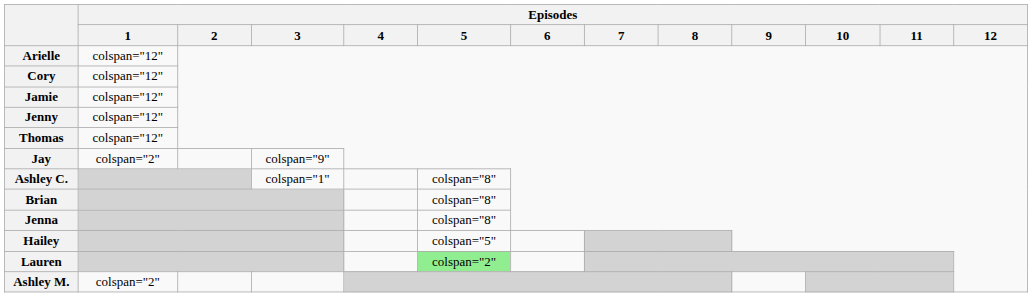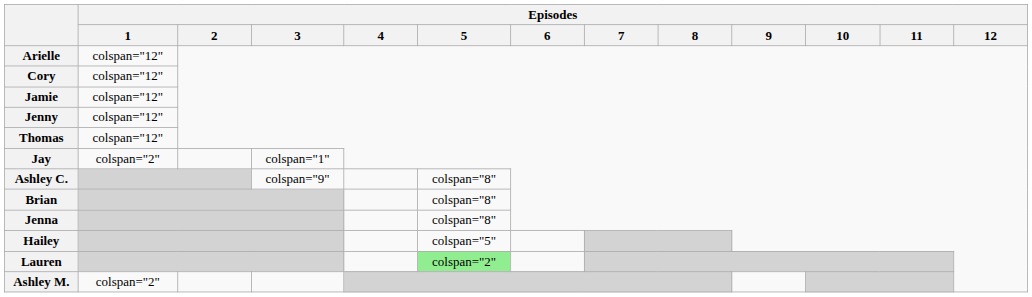 <table class="wikitable" style="text-align:center; width:100%">
 <tr>
 <th scope="col" rowspan="2" style="width:5%;"></th>
 <th scope="colgroup" colspan="12">Episodes</th>
 </tr>
 <tr>
 <th scope="col" style="width:5%;">1</th>
 <th scope="col" style="width:5%;">2</th>
 <th scope="col" style="width:5%;">3</th>
 <th scope="col" style="width:5%;">4</th>
 <th scope="col" style="width:5%;">5</th>
 <th scope="col" style="width:5%;">6</th>
 <th scope="col" style="width:5%;">7</th>
 <th scope="col" style="width:5%;">8</th>
 <th scope="col" style="width:5%;">9</th>
 <th scope="col" style="width:5%;">10</th>
 <th scope="col" style="width:5%;">11</th>
 <th scope="col" style="width:5%;">12</th>
 </tr>
 <tr>
 <th scope="row">Arielle</th>
 <td>colspan="12" </td>
 </tr>
 <tr>
 <th scope="row">Cory</th>
 <td>colspan="12" </td>
 </tr>
 <tr>
 <th scope="row">Jamie</th>
 <td>colspan="12" </td>
 </tr>
 <tr>
 <th scope="row">Jenny</th>
 <td>colspan="12" </td>
 </tr>
 <tr>
 <th scope="row">Thomas</th>
 <td>colspan="12" </td>
 </tr>
 <tr>
 <th scope="row">Jay</th>
 <td>colspan="2" </td>
 <td></td>
-<td>colspan="9" </td>
+<td>colspan="1" </td>
 </tr>
 <tr>
 <th scope="row">Ashley C.</th>
 <td style="background:lightgrey;" colspan="2"></td>
-<td>colspan="1" </td>
+<td>colspan="9" </td>
 <td></td>
 <td>colspan="8" </td>
 </tr>
 <tr>
 <th scope="row">Brian</th>
 <td style="background:lightgrey;" colspan="3"></td>
 <td></td>
 <td>colspan="8" </td>
 </tr>
 <tr>
 <th scope="row">Jenna</th>
 <td style="background:lightgrey;" colspan="3"></td>
 <td></td>
 <td>colspan="8" </td>
 </tr>
 <tr>
 <th scope="row">Hailey</th>
 <td style="background:lightgrey;" colspan="3"></td>
 <td></td>
 <td>colspan="5" </td>
 <td></td>
 <td style="background:lightgrey;" colspan="2"></td>
 </tr>
 <tr>
 <th scope="row">Lauren</th>
 <td style="background:lightgrey;" colspan="3"></td>
 <td></td>
 <td style="background: lightgreen;">colspan="2" </td>
 <td></td>
 <td style="background:lightgrey;" colspan="5"></td>
 </tr>
 <tr>
 <th scope="row">Ashley M.</th>
 <td>colspan="2" </td>
 <td></td>
 <td></td>
 <td style="background:lightgrey;" colspan="5"></td>
 <td></td>
 <td style="background:lightgrey;" colspan="2"></td>
 </tr>
 </table>
